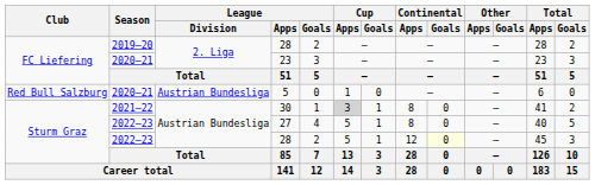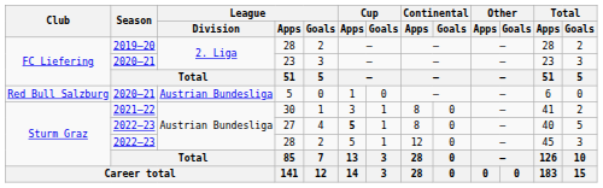 <table class="wikitable" style="text-align:center">
 <tr>
 <th rowspan="2">Club</th>
 <th rowspan="2">Season</th>
 <th colspan="3">League</th>
 <th colspan="2">Cup</th>
 <th colspan="2">Continental</th>
 <th colspan="2">Other</th>
 <th colspan="2">Total</th>
 </tr>
 <tr>
 <th>Division</th>
 <th>Apps</th>
 <th>Goals</th>
 <th>Apps</th>
 <th>Goals</th>
 <th>Apps</th>
 <th>Goals</th>
 <th>Apps</th>
 <th>Goals</th>
 <th>Apps</th>
 <th>Goals</th>
 </tr>
 <tr>
 <td rowspan="3"><a href='#'>FC Liefering</a></td>
 <td><a href='#'>2019–20</a></td>
 <td rowspan="2"><a href='#'>2. Liga</a></td>
 <td>28</td>
 <td>2</td>
 <td colspan="2">—</td>
 <td colspan="2">—</td>
 <td colspan="2">—</td>
 <td>28</td>
 <td>2</td>
 </tr>
 <tr>
 <td><a href='#'>2020–21</a></td>
 <td>23</td>
 <td>3</td>
 <td colspan="2">—</td>
 <td colspan="2">—</td>
 <td colspan="2">—</td>
 <td>23</td>
 <td>3</td>
 </tr>
 <tr>
 <th colspan="2">Total</th>
 <th>51</th>
 <th>5</th>
 <th colspan="2">—</th>
 <th colspan="2">—</th>
 <th colspan="2">—</th>
 <th>51</th>
 <th>5</th>
 </tr>
 <tr>
 <td><a href='#'>Red Bull Salzburg</a></td>
 <td><a href='#'>2020–21</a></td>
 <td><a href='#'>Austrian Bundesliga</a></td>
 <td>5</td>
 <td>0</td>
 <td>1</td>
 <td>0</td>
 <td colspan="2">—</td>
 <td colspan="2">—</td>
 <td>6</td>
 <td>0</td>
 </tr>
 <tr>
 <td rowspan="4"><a href='#'>Sturm Graz</a></td>
 <td><a href='#'>2021–22</a></td>
 <td rowspan="3">Austrian Bundesliga</td>
 <td>30</td>
 <td>1</td>
-<td style="background: lightgrey;">3</td>
+<td>3</td>
 <td>1</td>
 <td>8</td>
 <td>0</td>
 <td colspan="2">—</td>
 <td>41</td>
 <td>2</td>
 </tr>
 <tr>
 <td><a href='#'>2022–23</a></td>
 <td>27</td>
 <td>4</td>
-<td>5</td>
+<td><strong>5</strong></td>
 <td>1</td>
 <td>8</td>
 <td>0</td>
 <td colspan="2">—</td>
 <td>40</td>
 <td>5</td>
 </tr>
 <tr>
 <td><a href='#'>2022–23</a></td>
 <td>28</td>
 <td>2</td>
 <td>5</td>
 <td>1</td>
 <td>12</td>
-<td style="background: lightyellow;">0</td>
+<td>0</td>
 <td colspan="2">—</td>
 <td>45</td>
 <td>3</td>
 </tr>
 <tr>
 <th colspan="2">Total</th>
 <th>85</th>
 <th>7</th>
 <th>13</th>
 <th>3</th>
 <th>28</th>
 <th>0</th>
 <th colspan="2">—</th>
 <th>126</th>
 <th>10</th>
 </tr>
 <tr>
 <th colspan="3">Career total</th>
 <th>141</th>
 <th>12</th>
 <th>14</th>
 <th>3</th>
 <th>28</th>
 <th>0</th>
 <th>0</th>
 <th>0</th>
 <th>183</th>
 <th>15</th>
 </tr>
 </table>
